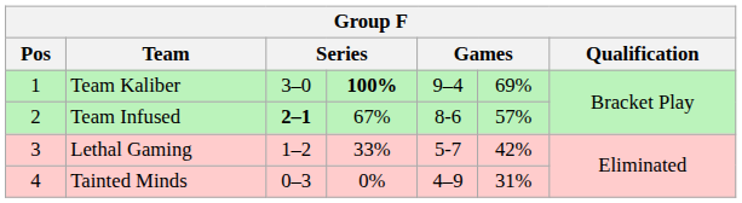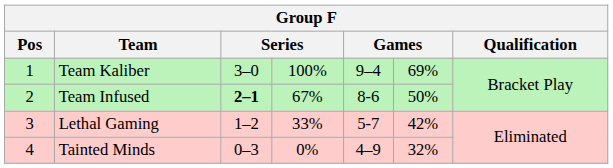 <table class="wikitable" style="display: inline-table; margin-left: 50px;width: 46%;">
 <tr>
 <th colspan="7">Group F</th>
 </tr>
 <tr>
 <th>Pos</th>
 <th>Team</th>
 <th colspan="2">Series</th>
 <th colspan="2">Games</th>
 <th>Qualification</th>
 </tr>
 <tr>
 <td style="text-align:center; background:#BBF3BB;">1</td>
 <td style="text-align:left; background:#BBF3BB;">Team Kaliber</td>
 <td style="text-align:center; background:#BBF3BB;">3–0</td>
-<td style="text-align:center; background:#BBF3BB;"><strong>100%</strong></td>
+<td style="text-align:center; background:#BBF3BB;">100%</td>
 <td style="text-align:center; background:#BBF3BB;">9–4</td>
 <td style="text-align:center; background:#BBF3BB;">69%</td>
 <td style="text-align:center; background:#BBF3BB;" rowspan="2">Bracket Play</td>
 </tr>
 <tr>
 <td style="text-align:center; background:#BBF3BB;">2</td>
 <td style="text-align:left; background:#BBF3BB;">Team Infused</td>
 <td style="text-align:center; background:#BBF3BB;"><strong>2–1</strong></td>
 <td style="text-align:center; background:#BBF3BB;">67%</td>
 <td style="text-align:center; background:#BBF3BB;">8-6</td>
-<td style="text-align:center; background:#BBF3BB;">57%</td>
+<td style="text-align:center; background:#BBF3BB;">50%</td>
 </tr>
 <tr>
 <td style="text-align:center; background:#FFCCCC;">3</td>
 <td style="text-align:left; background:#FFCCCC;">Lethal Gaming</td>
 <td style="text-align:center; background:#FFCCCC;">1–2</td>
 <td style="text-align:center; background:#FFCCCC;">33%</td>
 <td style="text-align:center; background:#FFCCCC;">5-7</td>
 <td style="text-align:center; background:#FFCCCC;">42%</td>
 <td style="text-align:center; background:#FFCCCC;" rowspan="2">Eliminated</td>
 </tr>
 <tr>
 <td style="text-align:center; background:#FFCCCC;">4</td>
 <td style="text-align:left; background:#FFCCCC;">Tainted Minds</td>
 <td style="text-align:center; background:#FFCCCC;">0–3</td>
 <td style="text-align:center; background:#FFCCCC;">0%</td>
 <td style="text-align:center; background:#FFCCCC;">4–9</td>
-<td style="text-align:center; background:#FFCCCC;">31%</td>
+<td style="text-align:center; background:#FFCCCC;">32%</td>
 </tr>
 </table>
